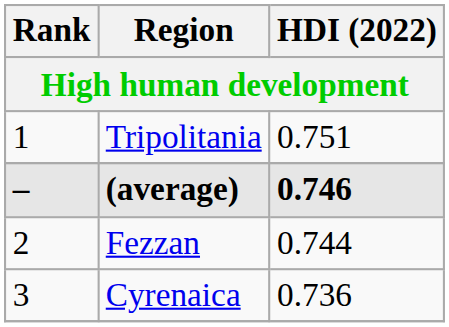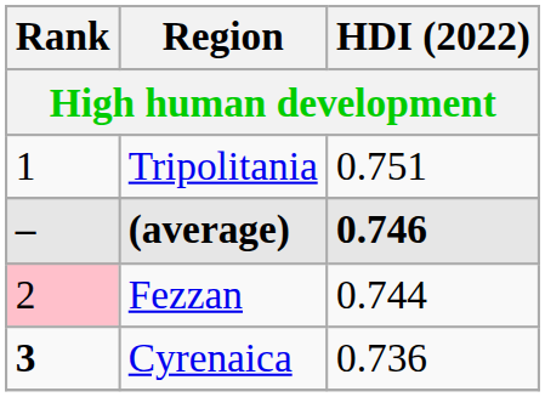 <table class="wikitable sortable">
 <tr>
 <th class="sort">Rank</th>
 <th class="sort">Region</th>
 <th class="sort">HDI (2022)</th>
 </tr>
 <tr>
 <th colspan="3" style="color:#0c0;">High human development</th>
 </tr>
 <tr>
 <td>1</td>
 <td style="text-align:left"><a href='#'>Tripolitania</a></td>
 <td>0.751</td>
 </tr>
 <tr>
 </tr>
 <tr style="background:#e6e6e6">
 <td><strong>–</strong></td>
 <td style="text-align:left"><strong></strong> <strong>(average)</strong></td>
 <td><strong>0.746</strong></td>
 </tr>
 <tr>
-<td>2</td>
+<td style="background: pink;">2</td>
 <td style="text-align:left"><a href='#'>Fezzan</a></td>
 <td>0.744</td>
 </tr>
 <tr>
-<td>3</td>
+<td><strong>3</strong></td>
 <td style="text-align:left"><a href='#'>Cyrenaica</a></td>
 <td>0.736</td>
 </tr>
 <tr>
 </tr>
 </table>
